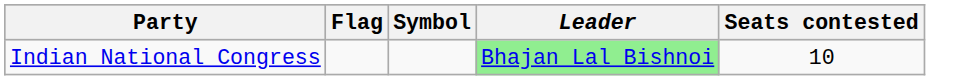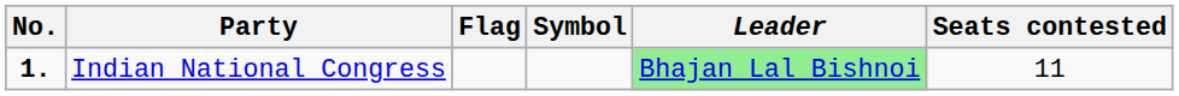 <table class="wikitable">
 <tr>
+<th>No.</th>
 <th>Party</th>
 <th><strong>Flag</strong></th>
 <th>Symbol</th>
 <th><em>Leader</em></th>
 <th>Seats contested</th>
 </tr>
 <tr>
+<td ! style="text-align:center; background:"><strong>1.</strong></td>
 <td style="text-align:center"><a href='#'>Indian National Congress</a></td>
 <td></td>
 <td></td>
 <td style="background: lightgreen; text-align:center"><a href='#'>Bhajan Lal Bishnoi</a></td>
-<td style="text-align:center">10</td>
+<td style="text-align:center">11</td>
 </tr>
 </table>
